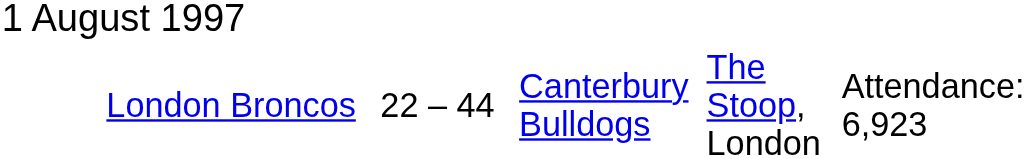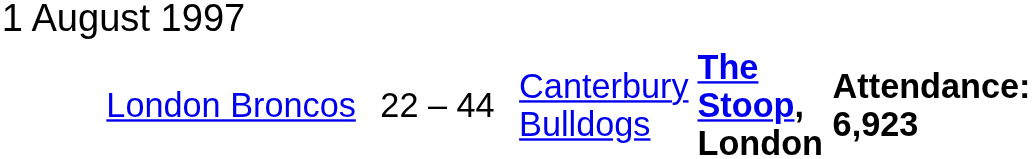 <table style="width:70%;" cellspacing="1">
 <tr>
 <th width=35%></th>
 <th width=15%></th>
 <th></th>
 </tr>
 <tr>
 <td>1 August 1997</td>
 </tr>
 <tr style=font-size:90%>
 <td align=right><a href='#'>London Broncos</a></td>
 <td align=center>22 – 44</td>
 <td><a href='#'>Canterbury Bulldogs</a></td>
-<td><a href='#'>The Stoop</a>, London</td>
-<td>Attendance: 6,923</td>
+<td><strong><a href='#'>The Stoop</a>, London</strong></td>
+<td><strong>Attendance: 6,923</strong></td>
 </tr>
 </table>
